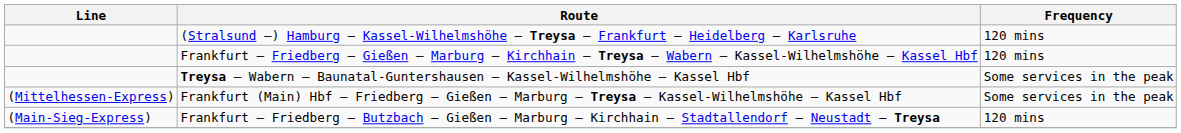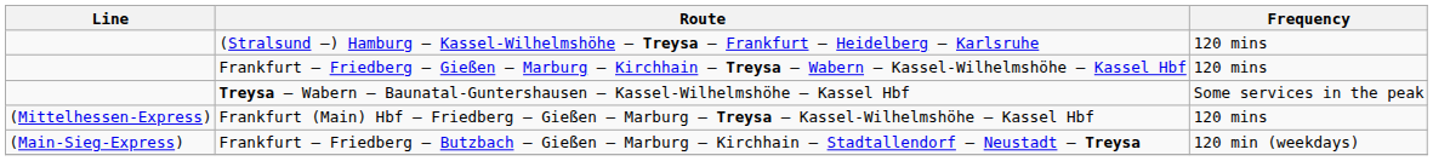 <table class="wikitable">
 <tr class="hintergrundfarbe5">
 <th>Line</th>
 <th>Route</th>
 <th>Frequency</th>
 </tr>
 <tr>
 <td></td>
 <td>(<a href='#'>Stralsund</a> –) <a href='#'>Hamburg</a> – <a href='#'>Kassel-Wilhelmshöhe</a> – <strong>Treysa</strong> – <a href='#'>Frankfurt</a> – <a href='#'>Heidelberg</a> – <a href='#'>Karlsruhe</a></td>
 <td>120 mins</td>
 </tr>
 <tr>
 <td></td>
 <td>Frankfurt – <a href='#'>Friedberg</a> – <a href='#'>Gießen</a> – <a href='#'>Marburg</a> – <a href='#'>Kirchhain</a> – <strong>Treysa</strong> – <a href='#'>Wabern</a> – Kassel-Wilhelmshöhe – <a href='#'>Kassel Hbf</a></td>
 <td>120 mins</td>
 </tr>
 <tr>
 <td></td>
 <td><strong>Treysa</strong> – Wabern – Baunatal-Guntershausen – Kassel-Wilhelmshöhe – Kassel Hbf</td>
 <td>Some services in the peak</td>
 </tr>
 <tr>
 <td> (<a href='#'>Mittelhessen-Express</a>)</td>
 <td>Frankfurt (Main) Hbf – Friedberg – Gießen – Marburg  – <strong>Treysa</strong> – Kassel-Wilhelmshöhe – Kassel Hbf</td>
-<td>Some services in the peak</td>
+<td>120 mins</td>
 </tr>
 <tr>
 <td> (<a href='#'>Main-Sieg-Express</a>)</td>
 <td>Frankfurt – Friedberg – <a href='#'>Butzbach</a> – Gießen – Marburg – Kirchhain – <a href='#'>Stadtallendorf</a> – <a href='#'>Neustadt</a> – <strong>Treysa</strong></td>
-<td>120 mins</td>
+<td>120 min (weekdays)</td>
 </tr>
 <tr>
 </tr>
 </table>
